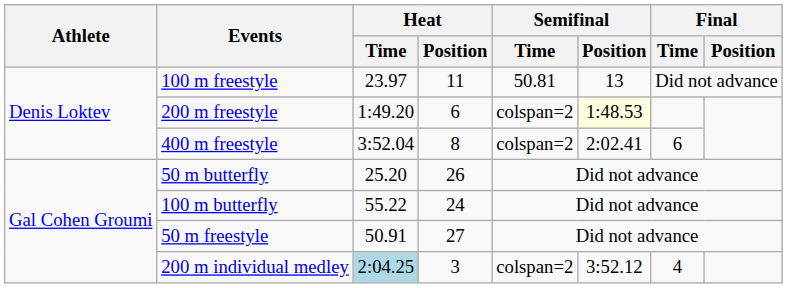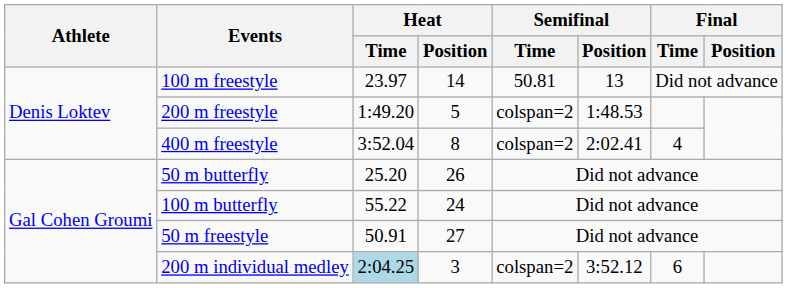 <table class="wikitable" border="1" style="font-size:90%">
 <tr>
 <th rowspan=2>Athlete</th>
 <th rowspan=2>Events</th>
 <th colspan=2>Heat</th>
 <th colspan=2>Semifinal</th>
 <th colspan=2>Final</th>
 </tr>
 <tr>
 <th>Time</th>
 <th>Position</th>
 <th>Time</th>
 <th>Position</th>
 <th>Time</th>
 <th>Position</th>
 </tr>
 <tr align=center>
 <td align=left rowspan=3><a href='#'>Denis Loktev</a></td>
 <td align=left><a href='#'>100 m freestyle</a></td>
 <td>23.97</td>
-<td>11</td>
+<td>14</td>
 <td>50.81</td>
 <td>13</td>
 <td colspan=2>Did not advance</td>
 </tr>
 <tr align=center>
 <td align=left><a href='#'>200 m freestyle</a></td>
 <td>1:49.20</td>
-<td>6</td>
+<td>5</td>
 <td>colspan=2 </td>
-<td style="background: lightyellow;">1:48.53</td>
+<td>1:48.53</td>
 <td></td>
 </tr>
 <tr align=center>
 <td align=left><a href='#'>400 m freestyle</a></td>
 <td>3:52.04</td>
 <td>8</td>
 <td>colspan=2 </td>
 <td>2:02.41</td>
-<td>6</td>
+<td>4</td>
 </tr>
 <tr align=center>
 <td align=left rowspan=4><a href='#'>Gal Cohen Groumi</a></td>
 <td align=left><a href='#'>50 m butterfly</a></td>
 <td>25.20</td>
 <td>26</td>
 <td colspan=4>Did not advance</td>
 </tr>
 <tr align=center>
 <td align=left><a href='#'>100 m butterfly</a></td>
 <td>55.22</td>
 <td>24</td>
 <td colspan=4>Did not advance</td>
 </tr>
 <tr align=center>
 <td align=left><a href='#'>50 m freestyle</a></td>
 <td>50.91</td>
 <td>27</td>
 <td colspan=4>Did not advance</td>
 </tr>
 <tr align=center>
 <td align=left><a href='#'>200 m individual medley</a></td>
 <td style="background: lightblue;">2:04.25</td>
 <td>3</td>
 <td>colspan=2 </td>
 <td>3:52.12</td>
-<td>4</td>
+<td>6</td>
 </tr>
 </table>
